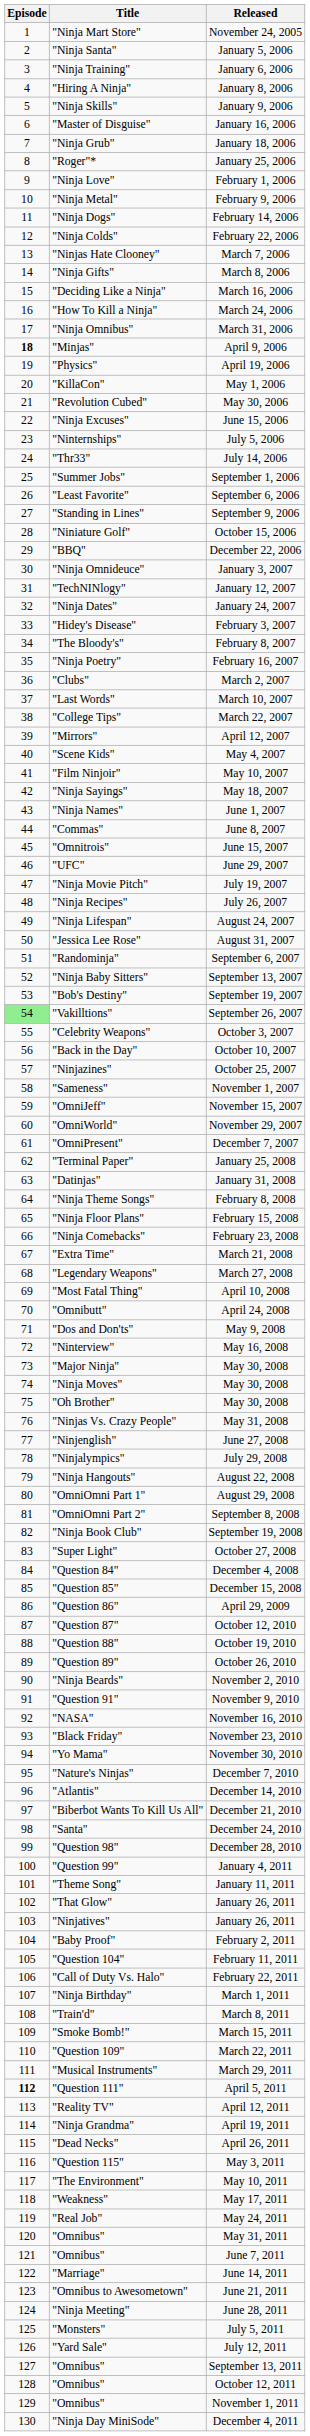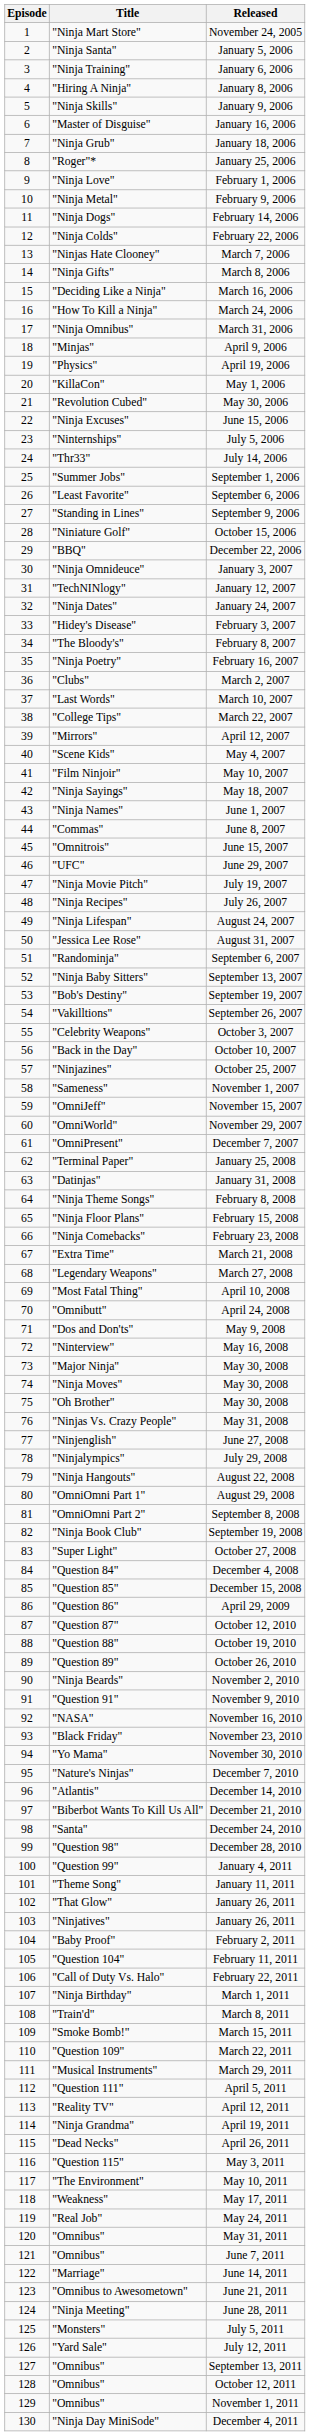 <table class="wikitable" style="margin: 1em auto 1em auto">
 <tr>
 <th>Episode</th>
 <th>Title</th>
 <th>Released</th>
 </tr>
 <tr>
 <td style="text-align:center;">1</td>
 <td>"Ninja Mart Store"</td>
 <td style="text-align:center;">November 24, 2005</td>
 </tr>
 <tr>
 <td style="text-align:center;">2</td>
 <td>"Ninja Santa"</td>
 <td style="text-align:center;">January 5, 2006</td>
 </tr>
 <tr>
 <td style="text-align:center;">3</td>
 <td>"Ninja Training"</td>
 <td style="text-align:center;">January 6, 2006</td>
 </tr>
 <tr>
 <td style="text-align:center;">4</td>
 <td>"Hiring A Ninja"</td>
 <td style="text-align:center;">January 8, 2006</td>
 </tr>
 <tr>
 <td style="text-align:center;">5</td>
 <td>"Ninja Skills"</td>
 <td style="text-align:center;">January 9, 2006</td>
 </tr>
 <tr>
 <td style="text-align:center;">6</td>
 <td>"Master of Disguise"</td>
 <td style="text-align:center;">January 16, 2006</td>
 </tr>
 <tr>
 <td style="text-align:center;">7</td>
 <td>"Ninja Grub"</td>
 <td style="text-align:center;">January 18, 2006</td>
 </tr>
 <tr>
 <td style="text-align:center;">8</td>
 <td>"Roger"*</td>
 <td style="text-align:center;">January 25, 2006</td>
 </tr>
 <tr>
 <td style="text-align:center;">9</td>
 <td>"Ninja Love"</td>
 <td style="text-align:center;">February 1, 2006</td>
 </tr>
 <tr>
 <td style="text-align:center;">10</td>
 <td>"Ninja Metal"</td>
 <td style="text-align:center;">February 9, 2006</td>
 </tr>
 <tr>
 <td style="text-align:center;">11</td>
 <td>"Ninja Dogs"</td>
 <td style="text-align:center;">February 14, 2006</td>
 </tr>
 <tr>
 <td style="text-align:center;">12</td>
 <td>"Ninja Colds"</td>
 <td style="text-align:center;">February 22, 2006</td>
 </tr>
 <tr>
 <td style="text-align:center;">13</td>
 <td>"Ninjas Hate Clooney"</td>
 <td style="text-align:center;">March 7, 2006</td>
 </tr>
 <tr>
 <td style="text-align:center;">14</td>
 <td>"Ninja Gifts"</td>
 <td style="text-align:center;">March 8, 2006</td>
 </tr>
 <tr>
 <td style="text-align:center;">15</td>
 <td>"Deciding Like a Ninja"</td>
 <td style="text-align:center;">March 16, 2006</td>
 </tr>
 <tr>
 <td style="text-align:center;">16</td>
 <td>"How To Kill a Ninja"</td>
 <td style="text-align:center;">March 24, 2006</td>
 </tr>
 <tr>
 <td style="text-align:center;">17</td>
 <td>"Ninja Omnibus"</td>
 <td style="text-align:center;">March 31, 2006</td>
 </tr>
 <tr>
-<td style="text-align:center;"><strong>18</strong></td>
+<td style="text-align:center;">18</td>
 <td>"Minjas"</td>
 <td style="text-align:center;">April 9, 2006</td>
 </tr>
 <tr>
 <td style="text-align:center;">19</td>
 <td>"Physics"</td>
 <td style="text-align:center;">April 19, 2006</td>
 </tr>
 <tr>
 <td style="text-align:center;">20</td>
 <td>"KillaCon"</td>
 <td style="text-align:center;">May 1, 2006</td>
 </tr>
 <tr>
 <td style="text-align:center;">21</td>
 <td>"Revolution Cubed"</td>
 <td style="text-align:center;">May 30, 2006</td>
 </tr>
 <tr>
 <td style="text-align:center;">22</td>
 <td>"Ninja Excuses"</td>
 <td style="text-align:center;">June 15, 2006</td>
 </tr>
 <tr>
 <td style="text-align:center;">23</td>
 <td>"Ninternships"</td>
 <td style="text-align:center;">July 5, 2006</td>
 </tr>
 <tr>
 <td style="text-align:center;">24</td>
 <td>"Thr33"</td>
 <td style="text-align:center;">July 14, 2006</td>
 </tr>
 <tr>
 <td style="text-align:center;">25</td>
 <td>"Summer Jobs"</td>
 <td style="text-align:center;">September 1, 2006</td>
 </tr>
 <tr>
 <td style="text-align:center;">26</td>
 <td>"Least Favorite"</td>
 <td style="text-align:center;">September 6, 2006</td>
 </tr>
 <tr>
 <td style="text-align:center;">27</td>
 <td>"Standing in Lines"</td>
 <td style="text-align:center;">September 9, 2006</td>
 </tr>
 <tr>
 <td style="text-align:center;">28</td>
 <td>"Niniature Golf"</td>
 <td style="text-align:center;">October 15, 2006</td>
 </tr>
 <tr>
 <td style="text-align:center;">29</td>
 <td>"BBQ"</td>
 <td style="text-align:center;">December 22, 2006</td>
 </tr>
 <tr>
 <td style="text-align:center;">30</td>
 <td>"Ninja Omnideuce"</td>
 <td style="text-align:center;">January 3, 2007</td>
 </tr>
 <tr>
 <td style="text-align:center;">31</td>
 <td>"TechNINlogy"</td>
 <td style="text-align:center;">January 12, 2007</td>
 </tr>
 <tr>
 <td style="text-align:center;">32</td>
 <td>"Ninja Dates"</td>
 <td style="text-align:center;">January 24, 2007</td>
 </tr>
 <tr>
 <td style="text-align:center;">33</td>
 <td>"Hidey's Disease"</td>
 <td style="text-align:center;">February 3, 2007</td>
 </tr>
 <tr>
 <td style="text-align:center;">34</td>
 <td>"The Bloody's"</td>
 <td style="text-align:center;">February 8, 2007</td>
 </tr>
 <tr>
 <td style="text-align:center;">35</td>
 <td>"Ninja Poetry"</td>
 <td style="text-align:center;">February 16, 2007</td>
 </tr>
 <tr>
 <td style="text-align:center;">36</td>
 <td>"Clubs"</td>
 <td style="text-align:center;">March 2, 2007</td>
 </tr>
 <tr>
 <td style="text-align:center;">37</td>
 <td>"Last Words"</td>
 <td style="text-align:center;">March 10, 2007</td>
 </tr>
 <tr>
 <td style="text-align:center;">38</td>
 <td>"College Tips"</td>
 <td style="text-align:center;">March 22, 2007</td>
 </tr>
 <tr>
 <td style="text-align:center;">39</td>
 <td>"Mirrors"</td>
 <td style="text-align:center;">April 12, 2007</td>
 </tr>
 <tr>
 <td style="text-align:center;">40</td>
 <td>"Scene Kids"</td>
 <td style="text-align:center;">May 4, 2007</td>
 </tr>
 <tr>
 <td style="text-align:center;">41</td>
 <td>"Film Ninjoir"</td>
 <td style="text-align:center;">May 10, 2007</td>
 </tr>
 <tr>
 <td style="text-align:center;">42</td>
 <td>"Ninja Sayings"</td>
 <td style="text-align:center;">May 18, 2007</td>
 </tr>
 <tr>
 <td style="text-align:center;">43</td>
 <td>"Ninja Names"</td>
 <td style="text-align:center;">June 1, 2007</td>
 </tr>
 <tr>
 <td style="text-align:center;">44</td>
 <td>"Commas"</td>
 <td style="text-align:center;">June 8, 2007</td>
 </tr>
 <tr>
 <td style="text-align:center;">45</td>
 <td>"Omnitrois"</td>
 <td style="text-align:center;">June 15, 2007</td>
 </tr>
 <tr>
 <td style="text-align:center;">46</td>
 <td>"UFC"</td>
 <td style="text-align:center;">June 29, 2007</td>
 </tr>
 <tr>
 <td style="text-align:center;">47</td>
 <td>"Ninja Movie Pitch"</td>
 <td style="text-align:center;">July 19, 2007</td>
 </tr>
 <tr>
 <td style="text-align:center;">48</td>
 <td>"Ninja Recipes"</td>
 <td style="text-align:center;">July 26, 2007</td>
 </tr>
 <tr>
 <td style="text-align:center;">49</td>
 <td>"Ninja Lifespan"</td>
 <td style="text-align:center;">August 24, 2007</td>
 </tr>
 <tr>
 <td style="text-align:center;">50</td>
 <td>"Jessica Lee Rose"</td>
 <td style="text-align:center;">August 31, 2007</td>
 </tr>
 <tr>
 <td style="text-align:center;">51</td>
 <td>"Randominja"</td>
 <td style="text-align:center;">September 6, 2007</td>
 </tr>
 <tr>
 <td style="text-align:center;">52</td>
 <td>"Ninja Baby Sitters"</td>
 <td style="text-align:center;">September 13, 2007</td>
 </tr>
 <tr>
 <td style="text-align:center;">53</td>
 <td>"Bob's Destiny"</td>
 <td style="text-align:center;">September 19, 2007</td>
 </tr>
 <tr>
-<td style="background: lightgreen; text-align:center;">54</td>
+<td style="text-align:center;">54</td>
 <td>"Vakilltions"</td>
 <td style="text-align:center;">September 26, 2007</td>
 </tr>
 <tr>
 <td style="text-align:center;">55</td>
 <td>"Celebrity Weapons"</td>
 <td style="text-align:center;">October 3, 2007</td>
 </tr>
 <tr>
 <td style="text-align:center;">56</td>
 <td>"Back in the Day"</td>
 <td style="text-align:center;">October 10, 2007</td>
 </tr>
 <tr>
 <td style="text-align:center;">57</td>
 <td>"Ninjazines"</td>
 <td style="text-align:center;">October 25, 2007</td>
 </tr>
 <tr>
 <td style="text-align:center;">58</td>
 <td>"Sameness"</td>
 <td style="text-align:center;">November 1, 2007</td>
 </tr>
 <tr>
 <td style="text-align:center;">59</td>
 <td>"OmniJeff"</td>
 <td style="text-align:center;">November 15, 2007</td>
 </tr>
 <tr>
 <td style="text-align:center;">60</td>
 <td>"OmniWorld"</td>
 <td style="text-align:center;">November 29, 2007</td>
 </tr>
 <tr>
 <td style="text-align:center;">61</td>
 <td>"OmniPresent"</td>
 <td style="text-align:center;">December 7, 2007</td>
 </tr>
 <tr>
 <td style="text-align:center;">62</td>
 <td>"Terminal Paper"</td>
 <td style="text-align:center;">January 25, 2008</td>
 </tr>
 <tr>
 <td style="text-align:center;">63</td>
 <td>"Datinjas"</td>
 <td style="text-align:center;">January 31, 2008</td>
 </tr>
 <tr>
 <td style="text-align:center;">64</td>
 <td>"Ninja Theme Songs"</td>
 <td style="text-align:center;">February 8, 2008</td>
 </tr>
 <tr>
 <td style="text-align:center;">65</td>
 <td>"Ninja Floor Plans"</td>
 <td style="text-align:center;">February 15, 2008</td>
 </tr>
 <tr>
 <td style="text-align:center;">66</td>
 <td>"Ninja Comebacks"</td>
 <td style="text-align:center;">February 23, 2008</td>
 </tr>
 <tr>
 <td style="text-align:center;">67</td>
 <td>"Extra Time"</td>
 <td style="text-align:center;">March 21, 2008</td>
 </tr>
 <tr>
 <td style="text-align:center;">68</td>
 <td>"Legendary Weapons"</td>
 <td style="text-align:center;">March 27, 2008</td>
 </tr>
 <tr>
 <td style="text-align:center;">69</td>
 <td>"Most Fatal Thing"</td>
 <td style="text-align:center;">April 10, 2008</td>
 </tr>
 <tr>
 <td style="text-align:center;">70</td>
 <td>"Omnibutt"</td>
 <td style="text-align:center;">April 24, 2008</td>
 </tr>
 <tr>
 <td style="text-align:center;">71</td>
 <td>"Dos and Don'ts"</td>
 <td style="text-align:center;">May 9, 2008</td>
 </tr>
 <tr>
 <td style="text-align:center;">72</td>
 <td>"Ninterview"</td>
 <td style="text-align:center;">May 16, 2008</td>
 </tr>
 <tr>
 <td style="text-align:center;">73</td>
 <td>"Major Ninja"</td>
 <td style="text-align:center;">May 30, 2008</td>
 </tr>
 <tr>
 <td style="text-align:center;">74</td>
 <td>"Ninja Moves"</td>
 <td style="text-align:center;">May 30, 2008</td>
 </tr>
 <tr>
 <td style="text-align:center;">75</td>
 <td>"Oh Brother"</td>
 <td style="text-align:center;">May 30, 2008</td>
 </tr>
 <tr>
 <td style="text-align:center;">76</td>
 <td>"Ninjas Vs. Crazy People"</td>
 <td style="text-align:center;">May 31, 2008</td>
 </tr>
 <tr>
 <td style="text-align:center;">77</td>
 <td>"Ninjenglish"</td>
 <td style="text-align:center;">June 27, 2008</td>
 </tr>
 <tr>
 <td style="text-align:center;">78</td>
 <td>"Ninjalympics"</td>
 <td style="text-align:center;">July 29, 2008</td>
 </tr>
 <tr>
 <td style="text-align:center;">79</td>
 <td>"Ninja Hangouts"</td>
 <td style="text-align:center;">August 22, 2008</td>
 </tr>
 <tr>
 <td style="text-align:center;">80</td>
 <td>"OmniOmni Part 1"</td>
 <td style="text-align:center;">August 29, 2008</td>
 </tr>
 <tr>
 <td style="text-align:center;">81</td>
 <td>"OmniOmni Part 2"</td>
 <td style="text-align:center;">September 8, 2008</td>
 </tr>
 <tr>
 <td style="text-align:center;">82</td>
 <td>"Ninja Book Club"</td>
 <td style="text-align:center;">September 19, 2008</td>
 </tr>
 <tr>
 <td style="text-align:center;">83</td>
 <td>"Super Light"</td>
 <td style="text-align:center;">October 27, 2008</td>
 </tr>
 <tr>
 <td style="text-align:center;">84</td>
 <td>"Question 84"</td>
 <td style="text-align:center;">December 4, 2008</td>
 </tr>
 <tr>
 <td style="text-align:center;">85</td>
 <td>"Question 85"</td>
 <td style="text-align:center;">December 15, 2008</td>
 </tr>
 <tr>
 <td style="text-align:center;">86</td>
 <td>"Question 86"</td>
 <td style="text-align:center;">April 29, 2009</td>
 </tr>
 <tr>
 <td style="text-align:center;">87</td>
 <td>"Question 87"</td>
 <td style="text-align:center;">October 12, 2010</td>
 </tr>
 <tr>
 <td style="text-align:center;">88</td>
 <td>"Question 88"</td>
 <td style="text-align:center;">October 19, 2010</td>
 </tr>
 <tr>
 <td style="text-align:center;">89</td>
 <td>"Question 89"</td>
 <td style="text-align:center;">October 26, 2010</td>
 </tr>
 <tr>
 <td style="text-align:center;">90</td>
 <td>"Ninja Beards"</td>
 <td style="text-align:center;">November 2, 2010</td>
 </tr>
 <tr>
 <td style="text-align:center;">91</td>
 <td>"Question 91"</td>
 <td style="text-align:center;">November 9, 2010</td>
 </tr>
 <tr>
 <td style="text-align:center;">92</td>
 <td>"NASA"</td>
 <td style="text-align:center;">November 16, 2010</td>
 </tr>
 <tr>
 <td style="text-align:center;">93</td>
 <td>"Black Friday"</td>
 <td style="text-align:center;">November 23, 2010</td>
 </tr>
 <tr>
 <td style="text-align:center;">94</td>
 <td>"Yo Mama"</td>
 <td style="text-align:center;">November 30, 2010</td>
 </tr>
 <tr>
 <td style="text-align:center;">95</td>
 <td>"Nature's Ninjas"</td>
 <td style="text-align:center;">December 7, 2010</td>
 </tr>
 <tr>
 <td style="text-align:center;">96</td>
 <td>"Atlantis"</td>
 <td style="text-align:center;">December 14, 2010</td>
 </tr>
 <tr>
 <td style="text-align:center;">97</td>
 <td>"Biberbot Wants To Kill Us All"</td>
 <td style="text-align:center;">December 21, 2010</td>
 </tr>
 <tr>
 <td style="text-align:center;">98</td>
 <td>"Santa"</td>
 <td style="text-align:center;">December 24, 2010</td>
 </tr>
 <tr>
 <td style="text-align:center;">99</td>
 <td>"Question 98"</td>
 <td style="text-align:center;">December 28, 2010</td>
 </tr>
 <tr>
 <td style="text-align:center;">100</td>
 <td>"Question 99"</td>
 <td style="text-align:center;">January 4, 2011</td>
 </tr>
 <tr>
 <td style="text-align:center;">101</td>
 <td>"Theme Song"</td>
 <td style="text-align:center;">January 11, 2011</td>
 </tr>
 <tr>
 <td style="text-align:center;">102</td>
 <td>"That Glow"</td>
 <td style="text-align:center;">January 26, 2011</td>
 </tr>
 <tr>
 <td style="text-align:center;">103</td>
 <td>"Ninjatives"</td>
 <td style="text-align:center;">January 26, 2011</td>
 </tr>
 <tr>
 <td style="text-align:center;">104</td>
 <td>"Baby Proof"</td>
 <td style="text-align:center;">February 2, 2011</td>
 </tr>
 <tr>
 <td style="text-align:center;">105</td>
 <td>"Question 104"</td>
 <td style="text-align:center;">February 11, 2011</td>
 </tr>
 <tr>
 <td style="text-align:center;">106</td>
 <td>"Call of Duty Vs. Halo"</td>
 <td style="text-align:center;">February 22, 2011</td>
 </tr>
 <tr>
 <td style="text-align:center;">107</td>
 <td>"Ninja Birthday"</td>
 <td style="text-align:center;">March 1, 2011</td>
 </tr>
 <tr>
 <td style="text-align:center;">108</td>
 <td>"Train'd"</td>
 <td style="text-align:center;">March 8, 2011</td>
 </tr>
 <tr>
 <td style="text-align:center;">109</td>
 <td>"Smoke Bomb!"</td>
 <td style="text-align:center;">March 15, 2011</td>
 </tr>
 <tr>
 <td style="text-align:center;">110</td>
 <td>"Question 109"</td>
 <td style="text-align:center;">March 22, 2011</td>
 </tr>
 <tr>
 <td style="text-align:center;">111</td>
 <td>"Musical Instruments"</td>
 <td style="text-align:center;">March 29, 2011</td>
 </tr>
 <tr>
-<td style="text-align:center;"><strong>112</strong></td>
+<td style="text-align:center;">112</td>
 <td>"Question 111"</td>
 <td style="text-align:center;">April 5, 2011</td>
 </tr>
 <tr>
 <td style="text-align:center;">113</td>
 <td>"Reality TV"</td>
 <td style="text-align:center;">April 12, 2011</td>
 </tr>
 <tr>
 <td style="text-align:center;">114</td>
 <td>"Ninja Grandma"</td>
 <td style="text-align:center;">April 19, 2011</td>
 </tr>
 <tr>
 <td style="text-align:center;">115</td>
 <td>"Dead Necks"</td>
 <td style="text-align:center;">April 26, 2011</td>
 </tr>
 <tr>
 <td style="text-align:center;">116</td>
 <td>"Question 115"</td>
 <td style="text-align:center;">May 3, 2011</td>
 </tr>
 <tr>
 <td style="text-align:center;">117</td>
 <td>"The Environment"</td>
 <td style="text-align:center;">May 10, 2011</td>
 </tr>
 <tr>
 <td style="text-align:center;">118</td>
 <td>"Weakness"</td>
 <td style="text-align:center;">May 17, 2011</td>
 </tr>
 <tr>
 <td style="text-align:center;">119</td>
 <td>"Real Job"</td>
 <td style="text-align:center;">May 24, 2011</td>
 </tr>
 <tr>
 <td style="text-align:center;">120</td>
 <td>"Omnibus"</td>
 <td style="text-align:center;">May 31, 2011</td>
 </tr>
 <tr>
 <td style="text-align:center;">121</td>
 <td>"Omnibus"</td>
 <td style="text-align:center;">June 7, 2011</td>
 </tr>
 <tr>
 <td style="text-align:center;">122</td>
 <td>"Marriage"</td>
 <td style="text-align:center;">June 14, 2011</td>
 </tr>
 <tr>
 <td style="text-align:center;">123</td>
 <td>"Omnibus to Awesometown"</td>
 <td style="text-align:center;">June 21, 2011</td>
 </tr>
 <tr>
 <td style="text-align:center;">124</td>
 <td>"Ninja Meeting"</td>
 <td style="text-align:center;">June 28, 2011</td>
 </tr>
 <tr>
 <td style="text-align:center;">125</td>
 <td>"Monsters"</td>
 <td style="text-align:center;">July 5, 2011</td>
 </tr>
 <tr>
 <td style="text-align:center;">126</td>
 <td>"Yard Sale"</td>
 <td style="text-align:center;">July 12, 2011</td>
 </tr>
 <tr>
 <td style="text-align:center;">127</td>
 <td>"Omnibus"</td>
 <td style="text-align:center;">September 13, 2011</td>
 </tr>
 <tr>
 <td style="text-align:center;">128</td>
 <td>"Omnibus"</td>
 <td style="text-align:center;">October 12, 2011</td>
 </tr>
 <tr>
 <td style="text-align:center;">129</td>
 <td>"Omnibus"</td>
 <td style="text-align:center;">November 1, 2011</td>
 </tr>
 <tr>
 <td style="text-align:center;">130</td>
 <td>"Ninja Day MiniSode"</td>
 <td style="text-align:center;">December 4, 2011</td>
 </tr>
 </table>
